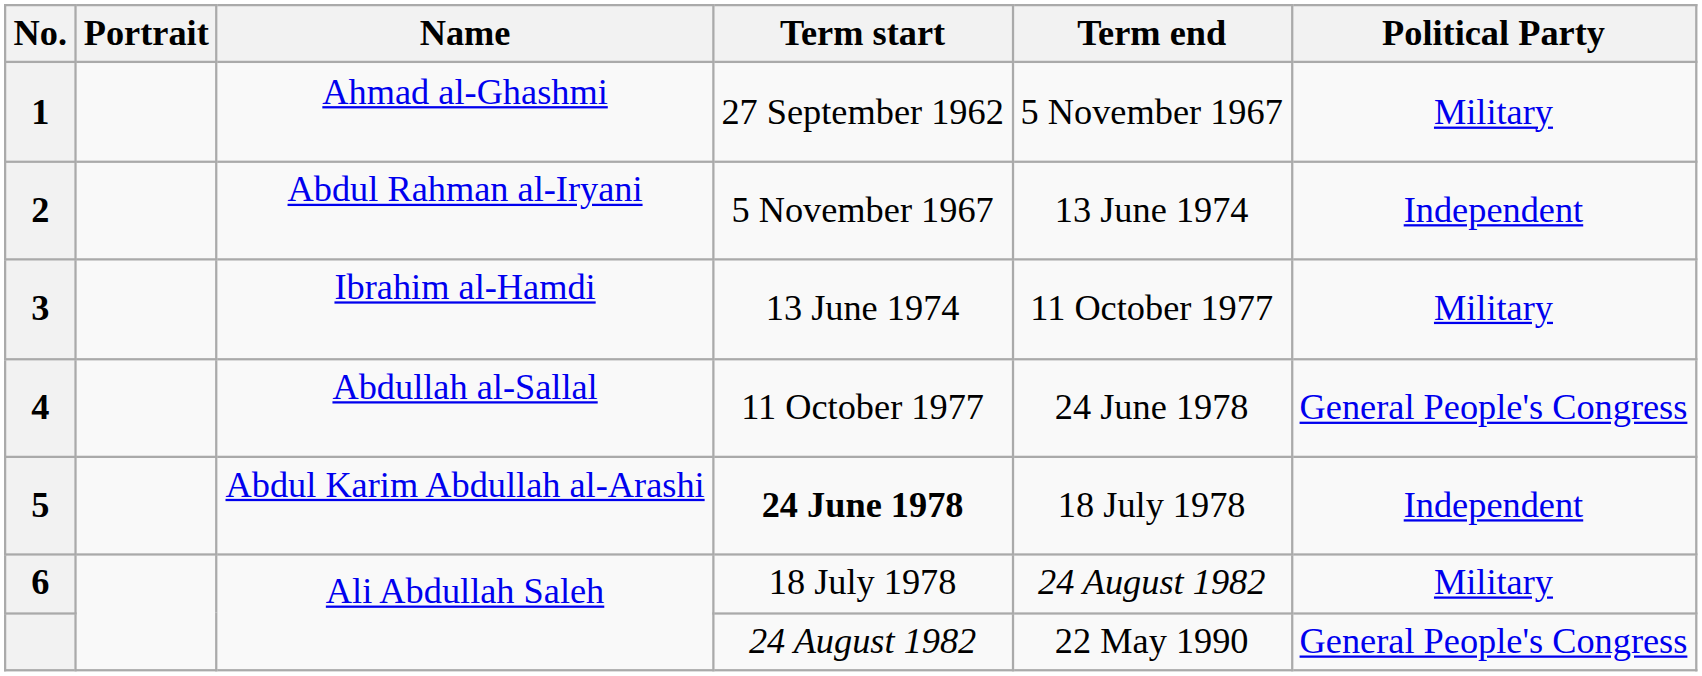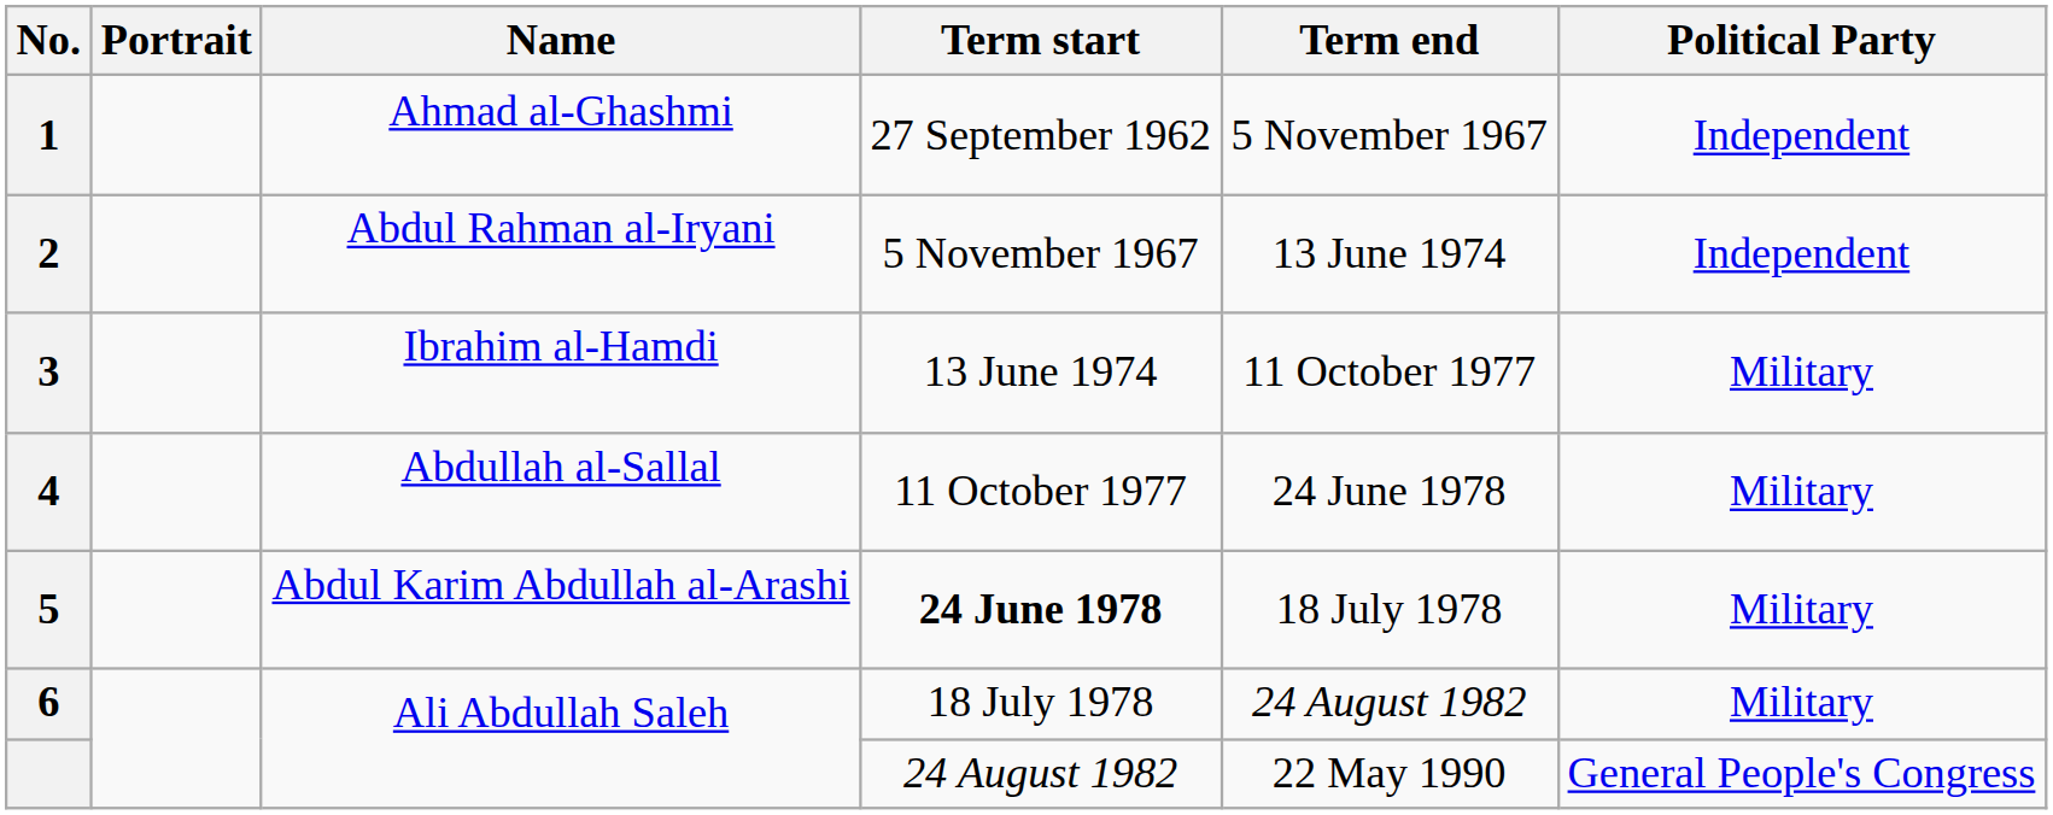 <table class="wikitable" style="text-align:center">
 <tr>
 <th>No.</th>
 <th>Portrait</th>
 <th>Name<br></th>
 <th>Term start</th>
 <th>Term end</th>
 <th>Political Party</th>
 </tr>
 <tr>
 <th style="background:">1</th>
 <td></td>
 <td><a href='#'>Ahmad al-Ghashmi</a><br><br></td>
 <td>27 September 1962</td>
 <td>5 November 1967</td>
-<td><a href='#'>Military</a></td>
+<td><a href='#'>Independent</a></td>
 </tr>
 <tr>
 <th style="background:">2</th>
 <td></td>
 <td><a href='#'>Abdul Rahman al-Iryani</a><br><br></td>
 <td>5 November 1967</td>
 <td>13 June 1974</td>
 <td><a href='#'>Independent</a></td>
 </tr>
 <tr>
 <th style="background:">3</th>
 <td></td>
 <td><a href='#'>Ibrahim al-Hamdi</a><br><br></td>
 <td>13 June 1974</td>
 <td>11 October 1977</td>
 <td><a href='#'>Military</a></td>
 </tr>
 <tr>
 <th style="background:">4</th>
 <td></td>
 <td><a href='#'>Abdullah al-Sallal</a><br><br></td>
 <td>11 October 1977</td>
 <td>24 June 1978</td>
-<td><a href='#'>General People's Congress</a></td>
+<td><a href='#'>Military</a></td>
 </tr>
 <tr>
 <th>5</th>
 <td></td>
 <td><a href='#'>Abdul Karim Abdullah al-Arashi</a><br><br></td>
 <td><strong>24 June 1978</strong></td>
 <td>18 July 1978</td>
-<td><a href='#'>Independent</a></td>
+<td><a href='#'>Military</a></td>
 </tr>
 <tr>
 <th style="background:">6</th>
 <td rowspan=2></td>
 <td rowspan=2><a href='#'>Ali Abdullah Saleh</a><br><br></td>
 <td>18 July 1978</td>
 <td><em>24 August 1982</em></td>
 <td><a href='#'>Military</a></td>
 </tr>
 <tr>
 <th style="background:"></th>
 <td><em>24 August 1982</em></td>
 <td>22 May 1990</td>
 <td><a href='#'>General People's Congress</a></td>
 </tr>
 </table>
